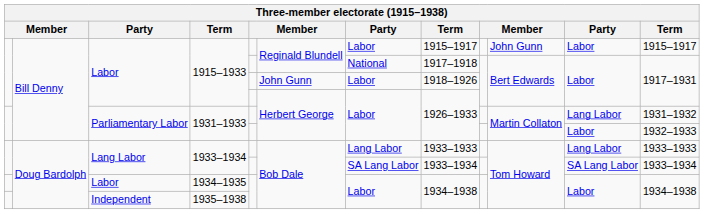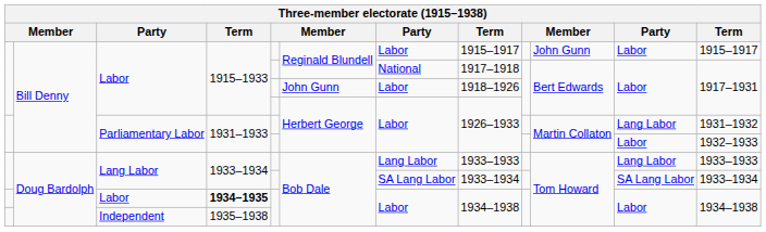 <table class="wikitable">
 <tr>
 <th colspan="15">Three-member electorate (1915–1938)</th>
 </tr>
 <tr>
 <th colspan="2">Member</th>
 <th>Party</th>
 <th>Term</th>
 <th colspan="2">Member</th>
 <th>Party</th>
 <th>Term</th>
 <th colspan="2">Member</th>
 <th>Party</th>
 <th>Term</th>
 </tr>
 <tr>
 <td rowspan=4 > </td>
 <td rowspan=6><a href='#'>Bill Denny</a></td>
 <td rowspan=4><a href='#'>Labor</a></td>
 <td rowspan=4>1915–1933</td>
 <td rowspan=1 > </td>
 <td rowspan=2><a href='#'>Reginald Blundell</a></td>
 <td rowspan=1><a href='#'>Labor</a></td>
 <td rowspan=1>1915–1917</td>
 <td rowspan=1 > </td>
 <td rowspan=1><a href='#'>John Gunn</a></td>
 <td rowspan=1><a href='#'>Labor</a></td>
 <td rowspan=1>1915–1917</td>
 </tr>
 <tr>
 <td> </td>
 <td><a href='#'>National</a></td>
 <td>1917–1918</td>
 <td rowspan=3 > </td>
 <td rowspan=3><a href='#'>Bert Edwards</a></td>
 <td rowspan=3><a href='#'>Labor</a></td>
 <td rowspan=3>1917–1931</td>
 </tr>
 <tr>
 <td> </td>
 <td><a href='#'>John Gunn</a></td>
 <td><a href='#'>Labor</a></td>
 <td>1918–1926</td>
 </tr>
 <tr>
 <td> </td>
 <td rowspan=3><a href='#'>Herbert George</a></td>
 <td rowspan=3><a href='#'>Labor</a></td>
 <td rowspan=3>1926–1933</td>
 </tr>
 <tr>
 <td rowspan=2 > </td>
 <td rowspan=2><a href='#'>Parliamentary Labor</a></td>
 <td rowspan=2>1931–1933</td>
 <td> </td>
 <td> </td>
 <td rowspan="2"><a href='#'>Martin Collaton</a></td>
 <td><a href='#'>Lang Labor</a></td>
 <td>1931–1932</td>
 </tr>
 <tr>
 <td> </td>
 <td> </td>
 <td><a href='#'>Labor</a></td>
 <td>1932–1933</td>
 </tr>
 <tr>
 <td rowspan="2" > </td>
 <td rowspan="4"><a href='#'>Doug Bardolph</a></td>
 <td rowspan="2"><a href='#'>Lang Labor</a></td>
 <td rowspan="2">1933–1934</td>
 <td> </td>
 <td rowspan="4"><a href='#'>Bob Dale</a></td>
 <td><a href='#'>Lang Labor</a></td>
 <td>1933–1933</td>
 <td> </td>
 <td rowspan="4"><a href='#'>Tom Howard</a></td>
 <td><a href='#'>Lang Labor</a></td>
 <td>1933–1933</td>
 </tr>
 <tr>
 <td> </td>
 <td><a href='#'>SA Lang Labor</a></td>
 <td>1933–1934</td>
 <td> </td>
 <td><a href='#'>SA Lang Labor</a></td>
 <td>1933–1934</td>
 </tr>
 <tr>
 <td> </td>
 <td><a href='#'>Labor</a></td>
-<td>1934–1935</td>
+<td><strong>1934–1935</strong></td>
 <td rowspan="2" > </td>
 <td rowspan="2"><a href='#'>Labor</a></td>
 <td rowspan="2">1934–1938</td>
 <td rowspan="2" > </td>
 <td rowspan="2"><a href='#'>Labor</a></td>
 <td rowspan="2">1934–1938</td>
 </tr>
 <tr>
 <td> </td>
 <td><a href='#'>Independent</a></td>
 <td>1935–1938</td>
 </tr>
 </table>
